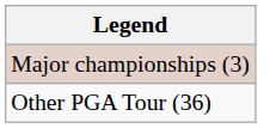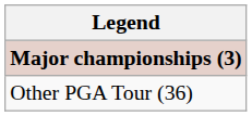 <table class="wikitable" style="font-size:95%;">
 <tr>
 <th>Legend</th>
 </tr>
 <tr style="background:#e5d1cb;">
-<td>Major championships (3)</td>
+<td><strong>Major championships (3)</strong></td>
 </tr>
 <tr>
 <td>Other PGA Tour (36)</td>
 </tr>
 </table>
